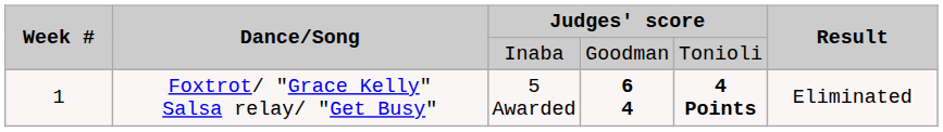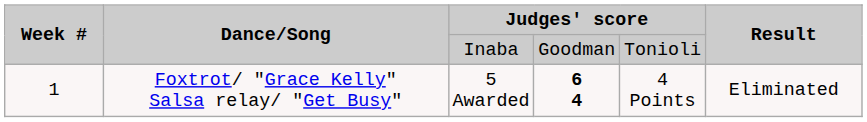 <table class="wikitable" border="1" style="float:left;">
 <tr>
 <td rowspan="2" bgcolor="#CCCCCC" align="Center"><strong>Week #</strong></td>
 <td rowspan="2" bgcolor="#CCCCCC" align="Center"><strong>Dance/Song</strong></td>
 <td colspan="3" bgcolor="#CCCCCC" align="Center"><strong>Judges' score</strong></td>
 <td rowspan="2" bgcolor="#CCCCCC" align="Center"><strong>Result</strong></td>
 </tr>
 <tr>
 <td bgcolor="#CCCCCC" width="10%" align="center">Inaba</td>
 <td bgcolor="#CCCCCC" width="10%" align="center">Goodman</td>
 <td bgcolor="#CCCCCC" width="10%" align="center">Tonioli</td>
 </tr>
 <tr>
 <td align="center" bgcolor="#FAF6F6">1</td>
 <td align="center" bgcolor="#FAF6F6"><a href='#'>Foxtrot</a>/ "<a href='#'>Grace Kelly</a>" <br> <a href='#'>Salsa</a> relay/ "<a href='#'>Get Busy</a>"</td>
 <td align="center" bgcolor="#FAF6F6">5 <br> Awarded</td>
 <td align="center" bgcolor="#FAF6F6"><strong>6 <br> 4</strong></td>
-<td align="center" bgcolor="#FAF6F6"><strong>4 <br> Points</strong></td>
+<td align="center" bgcolor="#FAF6F6">4 <br> Points</td>
 <td align="center" bgcolor="#FAF6F6">Eliminated</td>
 </tr>
 </table>
